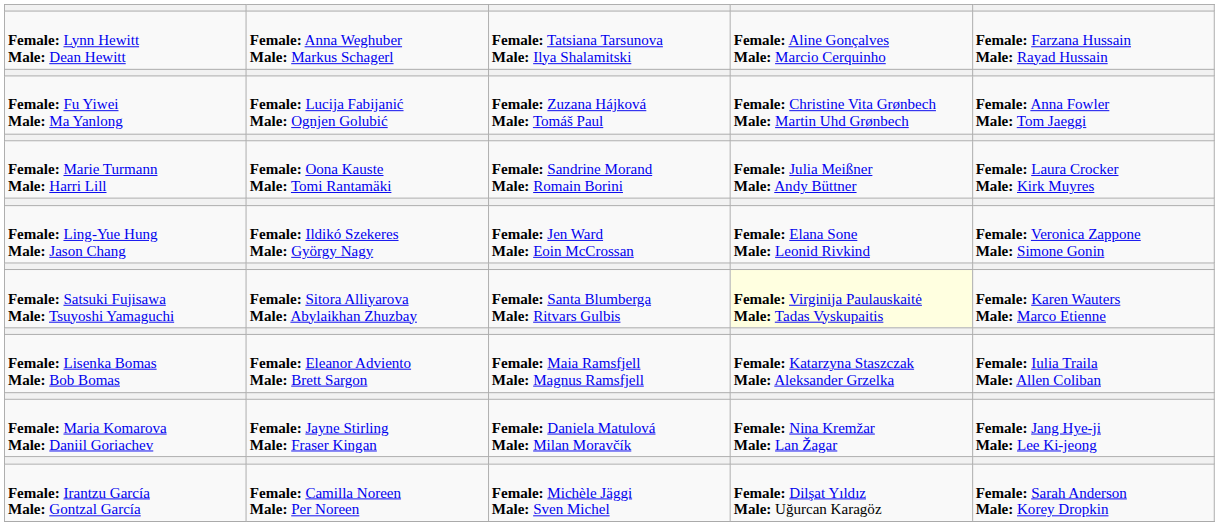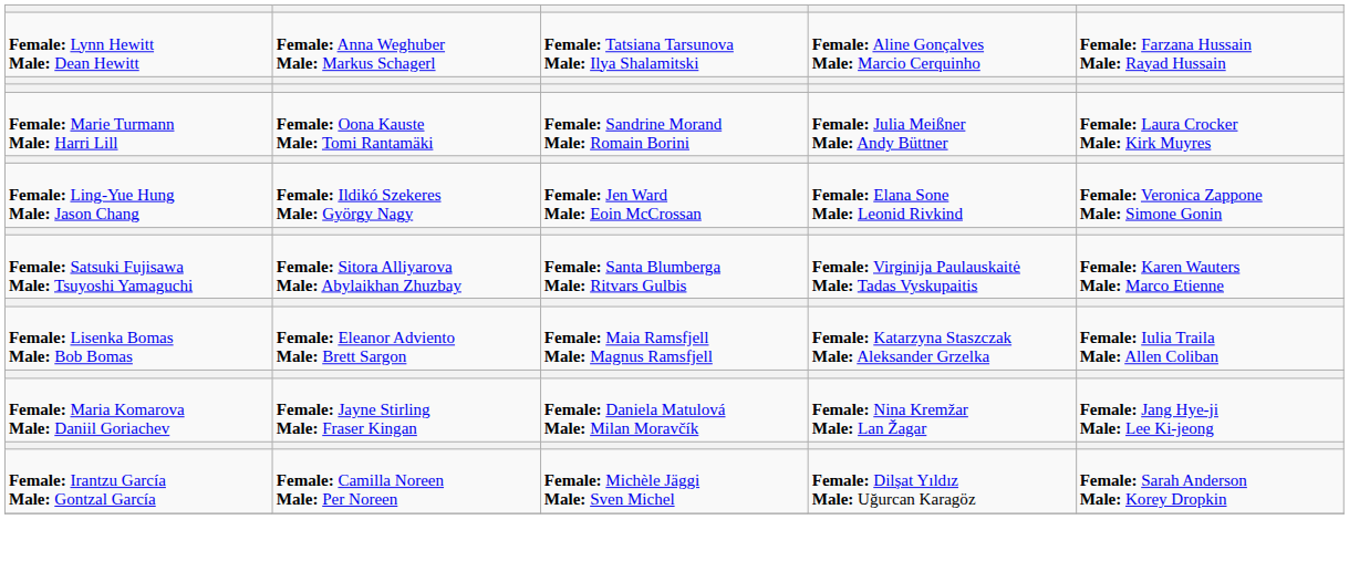 <table class=wikitable>
 <tr>
 <th width=250></th>
 <th width=250></th>
 <th width=250></th>
 <th width=250></th>
 <th width=250></th>
 </tr>
 <tr>
 <td><br><strong>Female:</strong> <a href='#'>Lynn Hewitt</a> <br> <strong>Male:</strong> <a href='#'>Dean Hewitt</a></td>
 <td><br><strong>Female:</strong> <a href='#'>Anna Weghuber</a> <br> <strong>Male:</strong> <a href='#'>Markus Schagerl</a></td>
 <td><br><strong>Female:</strong> <a href='#'>Tatsiana Tarsunova</a> <br> <strong>Male:</strong> <a href='#'>Ilya Shalamitski</a></td>
 <td><br><strong>Female:</strong> <a href='#'>Aline Gonçalves</a> <br> <strong>Male:</strong> <a href='#'>Marcio Cerquinho</a></td>
 <td><br><strong>Female:</strong>  <a href='#'>Farzana Hussain</a><br> <strong>Male:</strong>  <a href='#'>Rayad Hussain</a></td>
 </tr>
 <tr>
 <th width=250></th>
 <th width=250></th>
 <th width=250></th>
 <th width=250></th>
 <th width=250></th>
-</tr>
-<tr>
-<td><br><strong>Female:</strong>  <a href='#'>Fu Yiwei</a> <br> <strong>Male:</strong>  <a href='#'>Ma Yanlong</a> <br></td>
-<td><br><strong>Female:</strong>  <a href='#'>Lucija Fabijanić</a> <br> <strong>Male:</strong>  <a href='#'>Ognjen Golubić</a> <br></td>
-<td><br><strong>Female:</strong>  <a href='#'>Zuzana Hájková</a> <br> <strong>Male:</strong>  <a href='#'>Tomáš Paul</a> <br></td>
-<td><br><strong>Female:</strong>  <a href='#'>Christine Vita Grønbech</a> <br> <strong>Male:</strong>  <a href='#'>Martin Uhd Grønbech</a> <br></td>
-<td><br><strong>Female:</strong>  <a href='#'>Anna Fowler</a> <br> <strong>Male:</strong>  <a href='#'>Tom Jaeggi</a> <br></td>
 </tr>
 <tr>
 <th width=250></th>
 <th width=250></th>
 <th width=250></th>
 <th width=250></th>
 <th width=250></th>
 </tr>
 <tr>
 <td><br><strong>Female:</strong>  <a href='#'>Marie Turmann</a> <br> <strong>Male:</strong>  <a href='#'>Harri Lill</a> <br></td>
 <td><br><strong>Female:</strong>  <a href='#'>Oona Kauste</a><br> <strong>Male:</strong>  <a href='#'>Tomi Rantamäki</a><br></td>
 <td><br><strong>Female:</strong>  <a href='#'>Sandrine Morand</a> <br> <strong>Male:</strong>  <a href='#'>Romain Borini</a> <br></td>
 <td><br><strong>Female:</strong>  <a href='#'>Julia Meißner</a> <br> <strong>Male:</strong>  <a href='#'>Andy Büttner</a> <br></td>
 <td><br><strong>Female:</strong>  <a href='#'>Laura Crocker</a> <br> <strong>Male:</strong>  <a href='#'>Kirk Muyres</a> <br></td>
 </tr>
 <tr>
 <th width=250></th>
 <th width=250></th>
 <th width=250></th>
 <th width=250></th>
 <th width=250></th>
 </tr>
 <tr>
 <td><br><strong>Female:</strong>  <a href='#'>Ling-Yue Hung</a> <br> <strong>Male:</strong>  <a href='#'>Jason Chang</a> <br></td>
 <td><br><strong>Female:</strong>  <a href='#'>Ildikó Szekeres</a> <br> <strong>Male:</strong>  <a href='#'>György Nagy</a> <br></td>
 <td><br><strong>Female:</strong>  <a href='#'>Jen Ward</a><br> <strong>Male:</strong>  <a href='#'>Eoin McCrossan</a><br></td>
 <td><br><strong>Female:</strong>  <a href='#'>Elana Sone</a> <br> <strong>Male:</strong>  <a href='#'>Leonid Rivkind</a> <br></td>
 <td><br><strong>Female:</strong>  <a href='#'>Veronica Zappone</a> <br> <strong>Male:</strong>  <a href='#'>Simone Gonin</a> <br></td>
 </tr>
 <tr>
 <th width=250></th>
 <th width=250></th>
 <th width=250></th>
 <th width=250></th>
 <th width=250></th>
 </tr>
 <tr>
 <td><br><strong>Female:</strong>  <a href='#'>Satsuki Fujisawa</a> <br> <strong>Male:</strong>  <a href='#'>Tsuyoshi Yamaguchi</a> <br></td>
 <td><br><strong>Female:</strong>  <a href='#'>Sitora Alliyarova</a> <br> <strong>Male:</strong>  <a href='#'>Abylaikhan Zhuzbay</a> <br></td>
 <td><br><strong>Female:</strong>  <a href='#'>Santa Blumberga</a> <br> <strong>Male:</strong>  <a href='#'>Ritvars Gulbis</a> <br></td>
-<td style="background: lightyellow;"><br><strong>Female:</strong>  <a href='#'>Virginija Paulauskaitė</a> <br> <strong>Male:</strong>  <a href='#'>Tadas Vyskupaitis</a> <br></td>
+<td><br><strong>Female:</strong>  <a href='#'>Virginija Paulauskaitė</a> <br> <strong>Male:</strong>  <a href='#'>Tadas Vyskupaitis</a> <br></td>
 <td><br><strong>Female:</strong>  <a href='#'>Karen Wauters</a> <br> <strong>Male:</strong>  <a href='#'>Marco Etienne</a> <br></td>
 </tr>
 <tr>
 <th width=250></th>
 <th width=250></th>
 <th width=250></th>
 <th width=250></th>
 <th width=250></th>
 </tr>
 <tr>
 <td><br><strong>Female:</strong> <a href='#'>Lisenka Bomas</a> <br> <strong>Male:</strong> <a href='#'>Bob Bomas</a><br></td>
 <td><br><strong>Female:</strong> <a href='#'>Eleanor Adviento</a> <br> <strong>Male:</strong> <a href='#'>Brett Sargon</a><br></td>
 <td><br><strong>Female:</strong> <a href='#'>Maia Ramsfjell</a> <br> <strong>Male:</strong> <a href='#'>Magnus Ramsfjell</a><br></td>
 <td><br><strong>Female:</strong> <a href='#'>Katarzyna Staszczak</a> <br> <strong>Male:</strong> <a href='#'>Aleksander Grzelka</a><br></td>
 <td><br><strong>Female:</strong> <a href='#'>Iulia Traila</a> <br> <strong>Male:</strong> <a href='#'>Allen Coliban</a><br></td>
 </tr>
 <tr>
 <th width=250></th>
 <th width=250></th>
 <th width=250></th>
 <th width=250></th>
 <th width=250></th>
 </tr>
 <tr>
 <td><br><strong>Female:</strong>  <a href='#'>Maria Komarova</a> <br> <strong>Male:</strong>  <a href='#'>Daniil Goriachev</a> <br></td>
 <td><br><strong>Female:</strong>  <a href='#'>Jayne Stirling</a> <br> <strong>Male:</strong>  <a href='#'>Fraser Kingan</a> <br></td>
 <td><br><strong>Female:</strong>  <a href='#'>Daniela Matulová</a> <br> <strong>Male:</strong>  <a href='#'>Milan Moravčík</a> <br></td>
 <td><br><strong>Female:</strong>  <a href='#'>Nina Kremžar</a> <br> <strong>Male:</strong>  <a href='#'>Lan Žagar</a> <br></td>
 <td><br><strong>Female:</strong>  <a href='#'>Jang Hye-ji</a> <br> <strong>Male:</strong>  <a href='#'>Lee Ki-jeong</a> <br></td>
 </tr>
 <tr>
 <th width=250></th>
 <th width=250></th>
 <th width=250></th>
 <th width=250></th>
 <th width=250></th>
 </tr>
 <tr>
 <td><br><strong>Female:</strong> <a href='#'>Irantzu García</a> <br> <strong>Male:</strong> <a href='#'>Gontzal García</a> <br></td>
 <td><br><strong>Female:</strong> <a href='#'>Camilla Noreen</a> <br> <strong>Male:</strong> <a href='#'>Per Noreen</a> <br></td>
 <td><br><strong>Female:</strong> <a href='#'>Michèle Jäggi</a> <br> <strong>Male:</strong> <a href='#'>Sven Michel</a> <br></td>
 <td><br><strong>Female:</strong> <a href='#'>Dilşat Yıldız</a> <br> <strong>Male:</strong> Uğurcan Karagöz <br></td>
 <td><br><strong>Female:</strong>  <a href='#'>Sarah Anderson</a><br> <strong>Male:</strong> <a href='#'>Korey Dropkin</a></td>
 </tr>
 <tr>
 </tr>
 </table>
